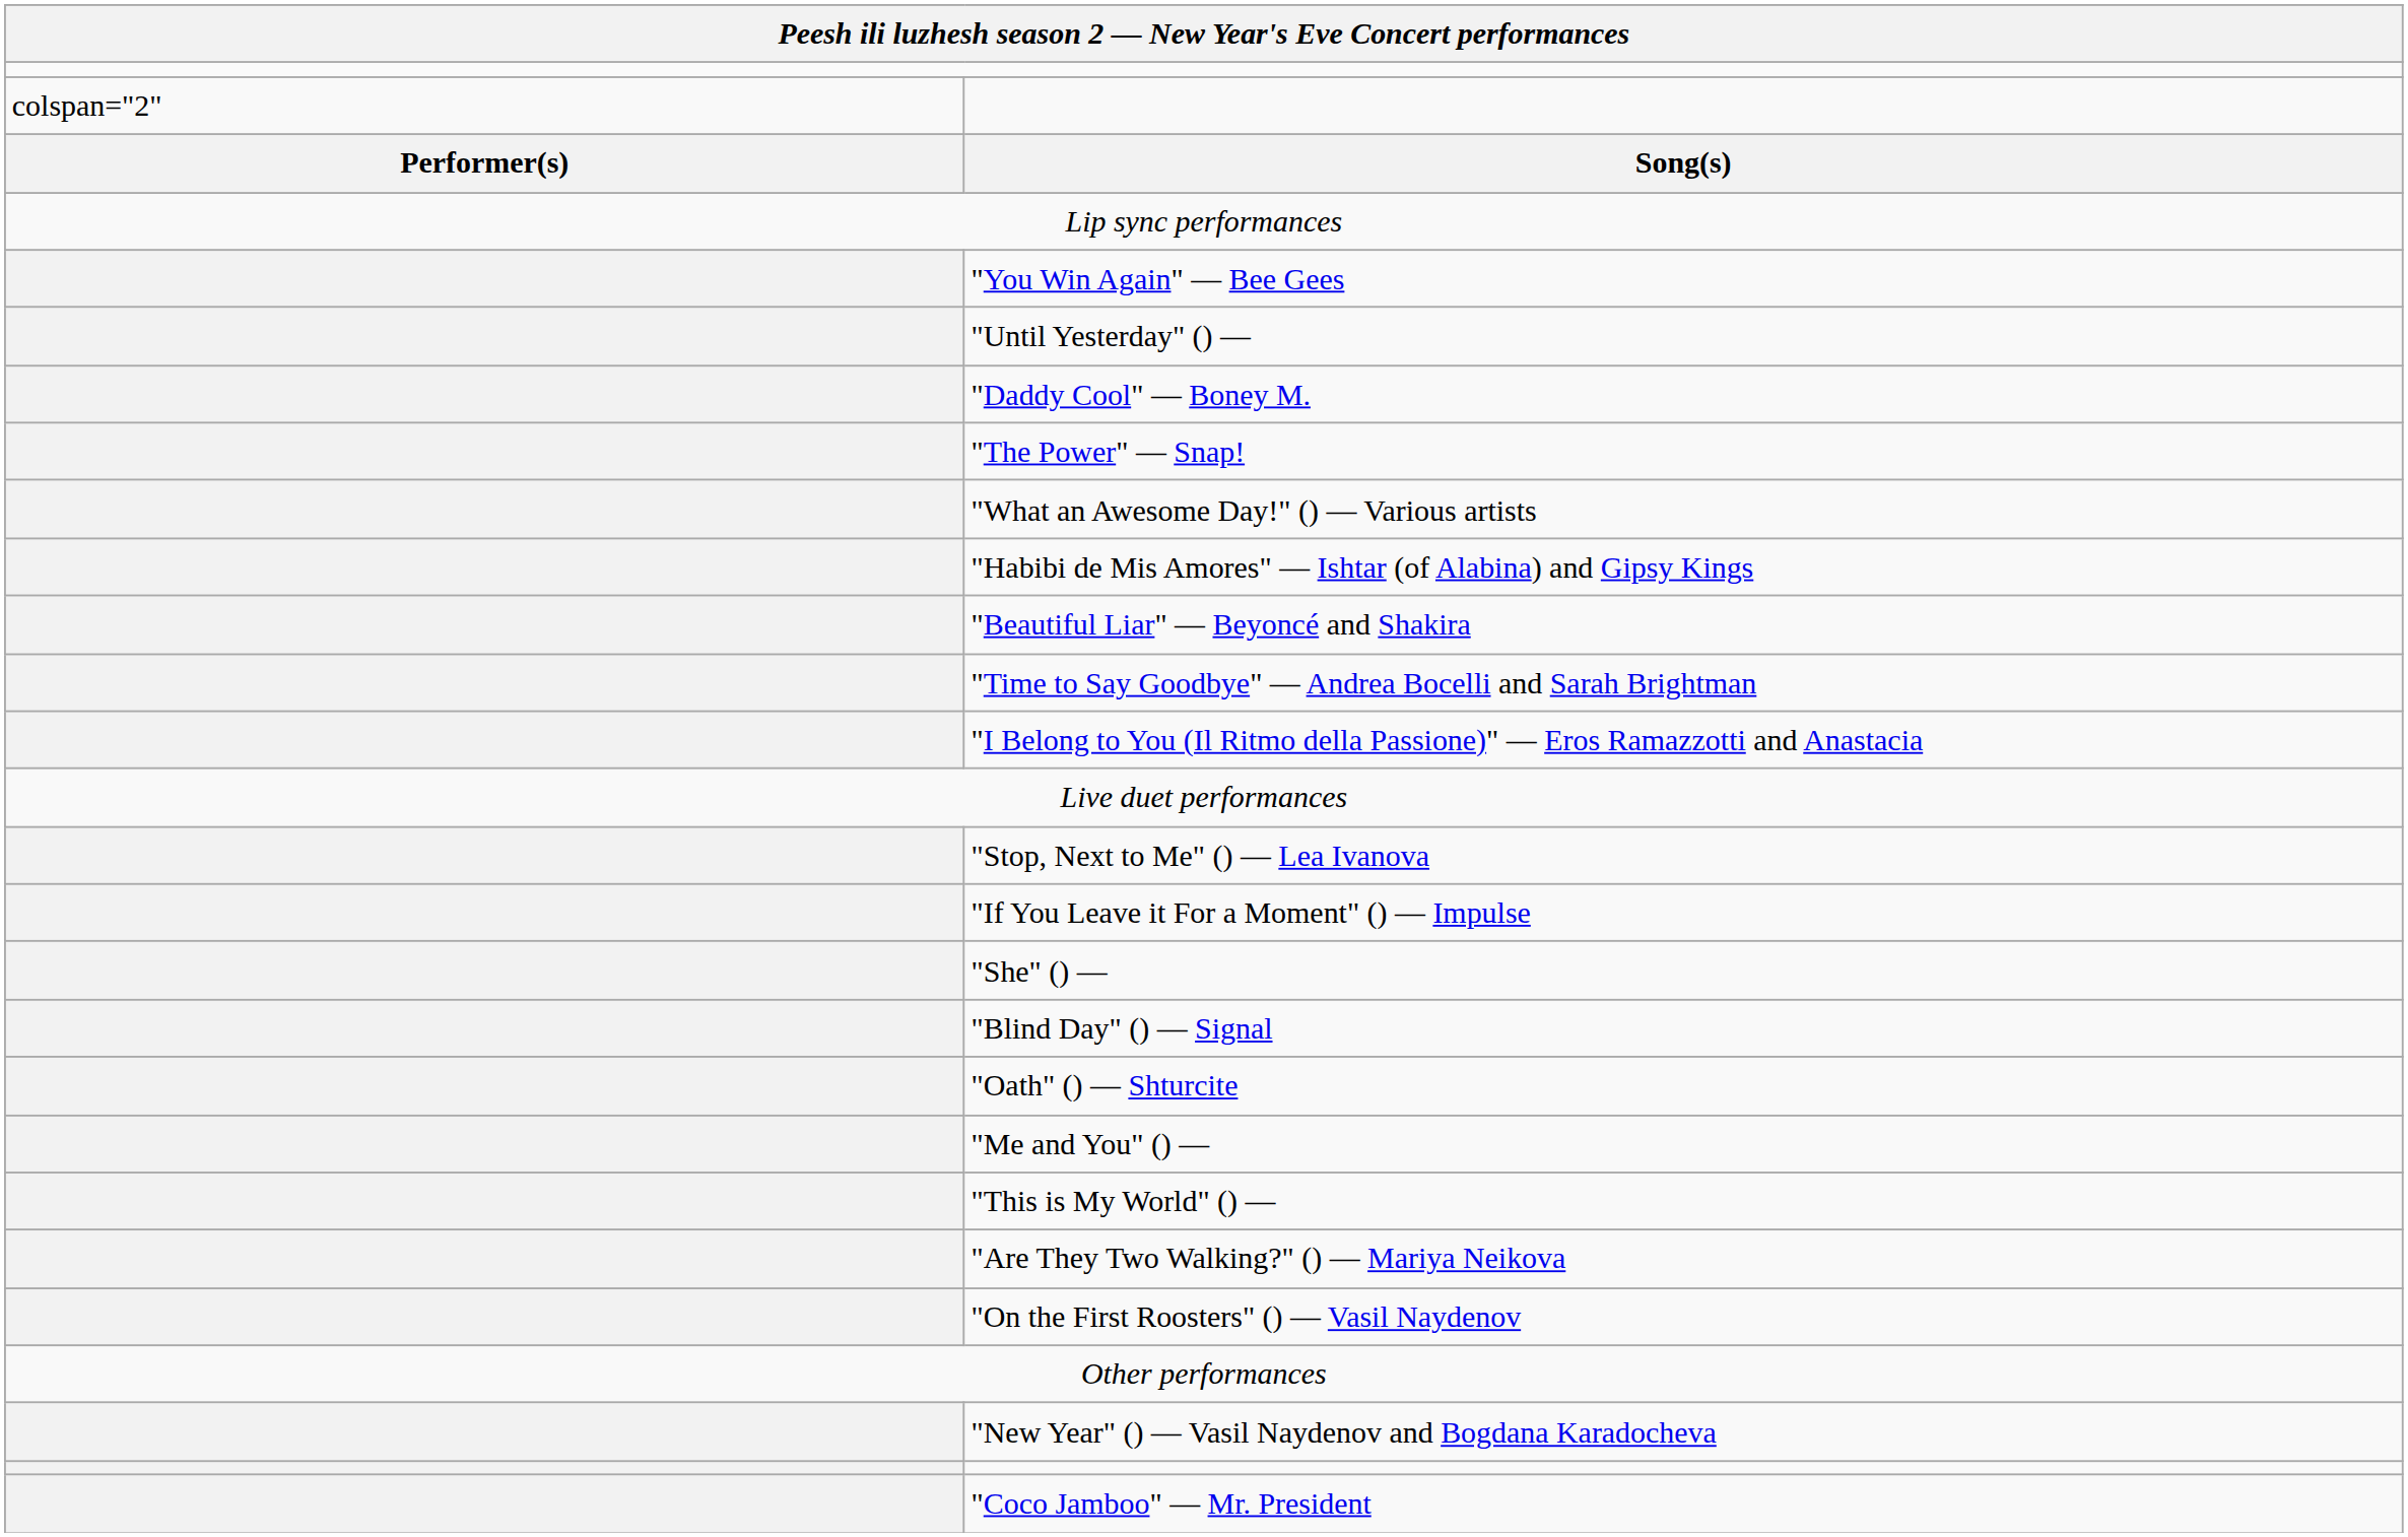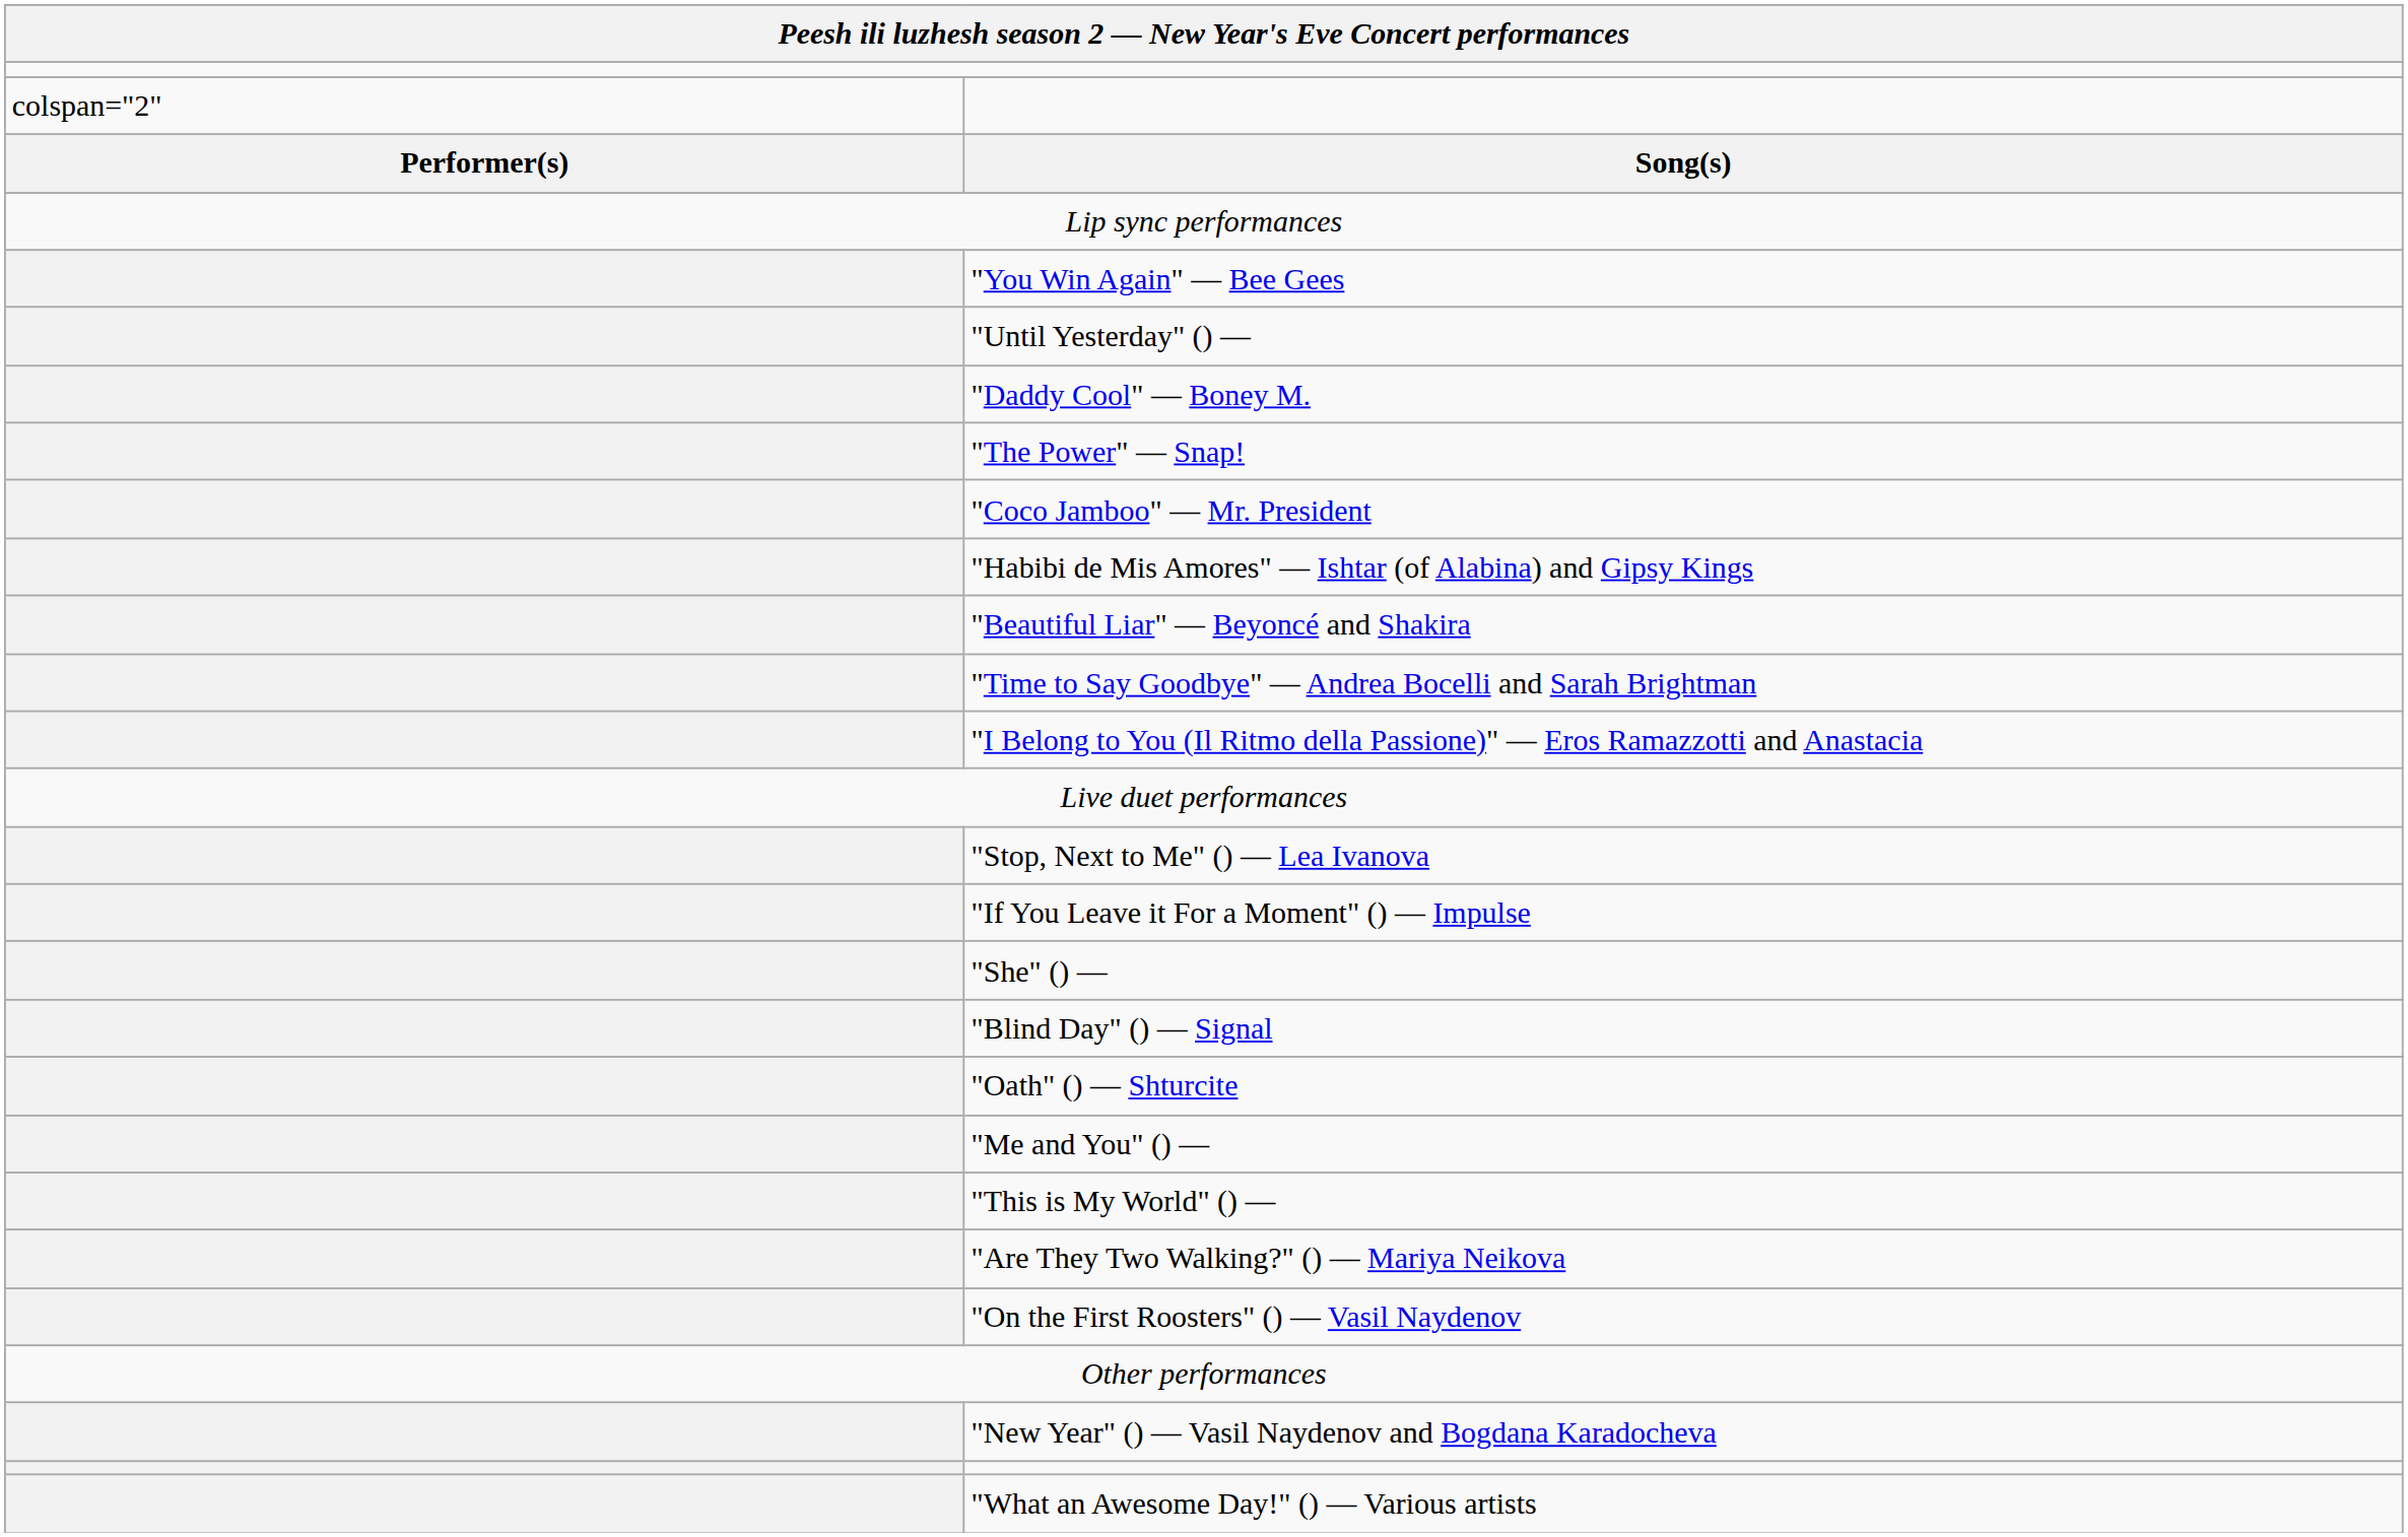 <table class="wikitable plainrowheaders mw-collapsible" style="width:100%; line-height:23px;">
 <tr>
 <th colspan=2><em>Peesh ili luzhesh season 2 — New Year's Eve Concert performances</em></th>
 </tr>
 <tr>
 <td colspan=2></td>
 </tr>
 <tr>
 <td>colspan="2" </td>
 </tr>
 <tr>
 <th width=40%>Performer(s)</th>
 <th>Song(s)</th>
 </tr>
 <tr style="text-align:center;">
 <td colspan="2"><em>Lip sync performances</em></td>
 </tr>
 <tr>
 <th></th>
 <td>"<a href='#'>You Win Again</a>" — <a href='#'>Bee Gees</a></td>
 </tr>
 <tr>
 <th></th>
 <td>"Until Yesterday" () — </td>
 </tr>
 <tr>
 <th></th>
 <td>"<a href='#'>Daddy Cool</a>" — <a href='#'>Boney M.</a></td>
 </tr>
 <tr>
 <th></th>
 <td>"<a href='#'>The Power</a>" — <a href='#'>Snap!</a></td>
 </tr>
 <tr>
 <th></th>
-<td>"What an Awesome Day!" () — Various artists</td>
+<td>"<a href='#'>Coco Jamboo</a>" — <a href='#'>Mr. President</a></td>
 </tr>
 <tr>
 <th></th>
 <td>"Habibi de Mis Amores" — <a href='#'>Ishtar</a> (of <a href='#'>Alabina</a>) and <a href='#'>Gipsy Kings</a></td>
 </tr>
 <tr>
 <th></th>
 <td>"<a href='#'>Beautiful Liar</a>" — <a href='#'>Beyoncé</a> and <a href='#'>Shakira</a></td>
 </tr>
 <tr>
 <th></th>
 <td>"<a href='#'>Time to Say Goodbye</a>" — <a href='#'>Andrea Bocelli</a> and <a href='#'>Sarah Brightman</a></td>
 </tr>
 <tr>
 <th></th>
 <td>"<a href='#'>I Belong to You (Il Ritmo della Passione)</a>" — <a href='#'>Eros Ramazzotti</a> and <a href='#'>Anastacia</a></td>
 </tr>
 <tr style="text-align:center;">
 <td colspan="2"><em>Live duet performances</em></td>
 </tr>
 <tr>
 <th></th>
 <td>"Stop, Next to Me" () — <a href='#'>Lea Ivanova</a></td>
 </tr>
 <tr>
 <th></th>
 <td>"If You Leave it For a Moment" () — <a href='#'>Impulse</a></td>
 </tr>
 <tr>
 <th></th>
 <td>"She" () — </td>
 </tr>
 <tr>
 <th></th>
 <td>"Blind Day" () — <a href='#'>Signal</a></td>
 </tr>
 <tr>
 <th></th>
 <td>"Oath" () — <a href='#'>Shturcite</a></td>
 </tr>
 <tr>
 <th></th>
 <td>"Me and You" () — </td>
 </tr>
 <tr>
 <th></th>
 <td>"This is My World" () — </td>
 </tr>
 <tr>
 <th></th>
 <td>"Are They Two Walking?" () — <a href='#'>Mariya Neikova</a></td>
 </tr>
 <tr>
 <th></th>
 <td>"On the First Roosters" () — <a href='#'>Vasil Naydenov</a></td>
 </tr>
 <tr style="text-align:center;">
 <td colspan="2"><em>Other performances</em></td>
 </tr>
 <tr>
 <th></th>
 <td {{plainlist>"New Year" () — Vasil Naydenov and <a href='#'>Bogdana Karadocheva</a></td>
 </tr>
 <tr>
 <th></th>
 <td></td>
 </tr>
 <tr>
 <th></th>
-<td>"<a href='#'>Coco Jamboo</a>" — <a href='#'>Mr. President</a></td>
+<td>"What an Awesome Day!" () — Various artists</td>
 </tr>
 </table>
